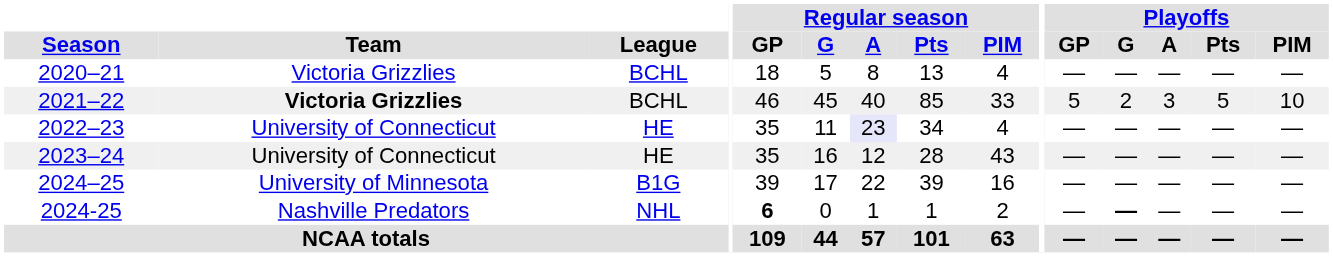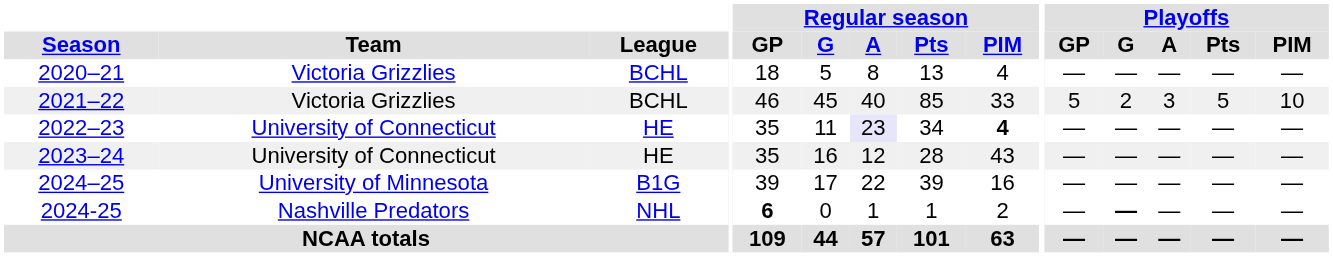 <table border="0" cellpadding="1" cellspacing="0" style="text-align:center; width:60em;">
 <tr bgcolor="#e0e0e0">
 <th colspan="3" bgcolor="#ffffff"></th>
 <th rowspan="101" bgcolor="#ffffff"></th>
 <th colspan="5"><a href='#'>Regular season</a></th>
 <th rowspan="101" bgcolor="#ffffff"></th>
 <th colspan="5"><a href='#'>Playoffs</a></th>
 </tr>
 <tr bgcolor="#e0e0e0">
 <th><a href='#'>Season</a></th>
 <th>Team</th>
 <th>League</th>
 <th>GP</th>
 <th><a href='#'>G</a></th>
 <th><a href='#'>A</a></th>
 <th><a href='#'>Pts</a></th>
 <th><a href='#'>PIM</a></th>
 <th>GP</th>
 <th>G</th>
 <th>A</th>
 <th>Pts</th>
 <th>PIM</th>
 </tr>
 <tr>
 <td><a href='#'>2020–21</a></td>
 <td><a href='#'>Victoria Grizzlies</a></td>
 <td><a href='#'>BCHL</a></td>
 <td>18</td>
 <td>5</td>
 <td>8</td>
 <td>13</td>
 <td>4</td>
 <td>—</td>
 <td>—</td>
 <td>—</td>
 <td>—</td>
 <td>—</td>
 </tr>
 <tr bgcolor="#f0f0f0">
 <td><a href='#'>2021–22</a></td>
-<td><strong>Victoria Grizzlies</strong></td>
+<td>Victoria Grizzlies</td>
 <td>BCHL</td>
 <td>46</td>
 <td>45</td>
 <td>40</td>
 <td>85</td>
 <td>33</td>
 <td>5</td>
 <td>2</td>
 <td>3</td>
 <td>5</td>
 <td>10</td>
 </tr>
 <tr>
 <td><a href='#'>2022–23</a></td>
 <td><a href='#'>University of Connecticut</a></td>
 <td><a href='#'>HE</a></td>
 <td>35</td>
 <td>11</td>
 <td style="background: lavender;">23</td>
 <td>34</td>
-<td>4</td>
+<td><strong>4</strong></td>
 <td>—</td>
 <td>—</td>
 <td>—</td>
 <td>—</td>
 <td>—</td>
 </tr>
 <tr bgcolor="#f0f0f0">
 <td><a href='#'>2023–24</a></td>
 <td>University of Connecticut</td>
 <td>HE</td>
 <td>35</td>
 <td>16</td>
 <td>12</td>
 <td>28</td>
 <td>43</td>
 <td>—</td>
 <td>—</td>
 <td>—</td>
 <td>—</td>
 <td>—</td>
 </tr>
 <tr>
 <td><a href='#'>2024–25</a></td>
 <td><a href='#'>University of Minnesota</a></td>
 <td><a href='#'>B1G</a></td>
 <td>39</td>
 <td>17</td>
 <td>22</td>
 <td>39</td>
 <td>16</td>
 <td>—</td>
 <td>—</td>
 <td>—</td>
 <td>—</td>
 <td>—</td>
 </tr>
 <tr>
 <td><a href='#'>2024-25</a></td>
 <td><a href='#'>Nashville Predators</a></td>
 <td><a href='#'>NHL</a></td>
 <th>6</th>
 <td>0</td>
 <td>1</td>
 <td>1</td>
 <td>2</td>
 <td>—</td>
 <th>—</th>
 <td>—</td>
 <td>—</td>
 <td>—</td>
 </tr>
 <tr bgcolor="#e0e0e0">
 <th colspan="3">NCAA totals</th>
 <th>109</th>
 <th>44</th>
 <th>57</th>
 <th>101</th>
 <th>63</th>
 <th>—</th>
 <th>—</th>
 <th>—</th>
 <th>—</th>
 <th>—</th>
 </tr>
 </table>
